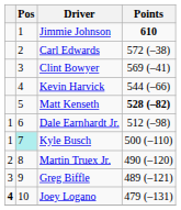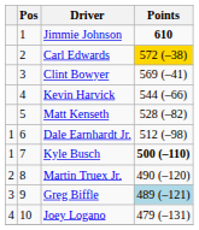 <table class="wikitable " style="font-size: 95%;">
 <tr>
 <th></th>
 <th>Pos</th>
 <th>Driver</th>
 <th>Points</th>
 </tr>
 <tr>
 <td align="left"></td>
 <td>1</td>
 <td><a href='#'>Jimmie Johnson</a></td>
 <td style="text-align:center;"><strong>610</strong></td>
 </tr>
 <tr>
 <td align="left"></td>
 <td>2</td>
 <td><a href='#'>Carl Edwards</a></td>
-<td style="text-align:center;">572 (–38)</td>
+<td style="background: gold; text-align:center;">572 (–38)</td>
 </tr>
 <tr>
 <td align="left"></td>
 <td>3</td>
 <td><a href='#'>Clint Bowyer</a></td>
 <td style="text-align:center;">569 (–41)</td>
 </tr>
 <tr>
 <td align="left"></td>
 <td>4</td>
 <td><a href='#'>Kevin Harvick</a></td>
 <td style="text-align:center;">544 (–66)</td>
 </tr>
 <tr>
 <td align="left"></td>
 <td>5</td>
 <td><a href='#'>Matt Kenseth</a></td>
-<td style="text-align:center;"><strong>528 (–82)</strong></td>
+<td style="text-align:center;">528 (–82)</td>
 </tr>
 <tr>
 <td align="left"> 1</td>
 <td>6</td>
 <td><a href='#'>Dale Earnhardt Jr.</a></td>
 <td style="text-align:center;">512  (–98)</td>
 </tr>
 <tr>
 <td align="left"> 1</td>
-<td style="background: paleturquoise;">7</td>
+<td>7</td>
 <td><a href='#'>Kyle Busch</a></td>
-<td style="text-align:center;">500 (–110)</td>
+<td style="text-align:center;"><strong>500 (–110)</strong></td>
 </tr>
 <tr>
 <td align="left"> 2</td>
 <td>8</td>
 <td><a href='#'>Martin Truex Jr.</a></td>
 <td style="text-align:center;">490 (–120)</td>
 </tr>
 <tr>
 <td align="left"> 3</td>
 <td>9</td>
 <td><a href='#'>Greg Biffle</a></td>
-<td style="text-align:center;">489 (–121)</td>
+<td style="background: lightblue; text-align:center;">489 (–121)</td>
 </tr>
 <tr>
-<td align="left"><strong> 4</strong></td>
+<td align="left"> 4</td>
 <td>10</td>
 <td><a href='#'>Joey Logano</a></td>
 <td style="text-align:center;">479 (–131)</td>
 </tr>
 <tr>
 </tr>
 </table>
